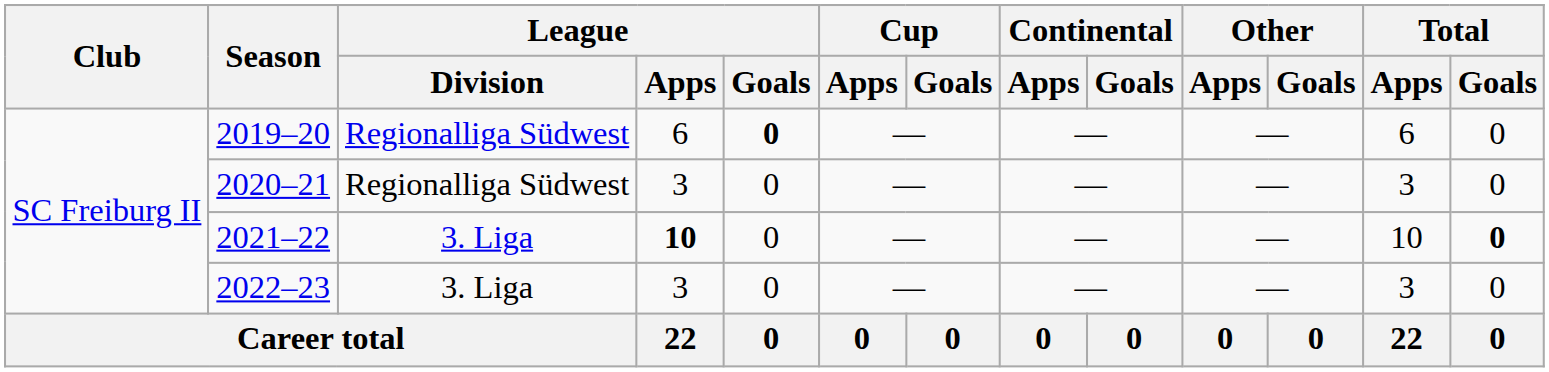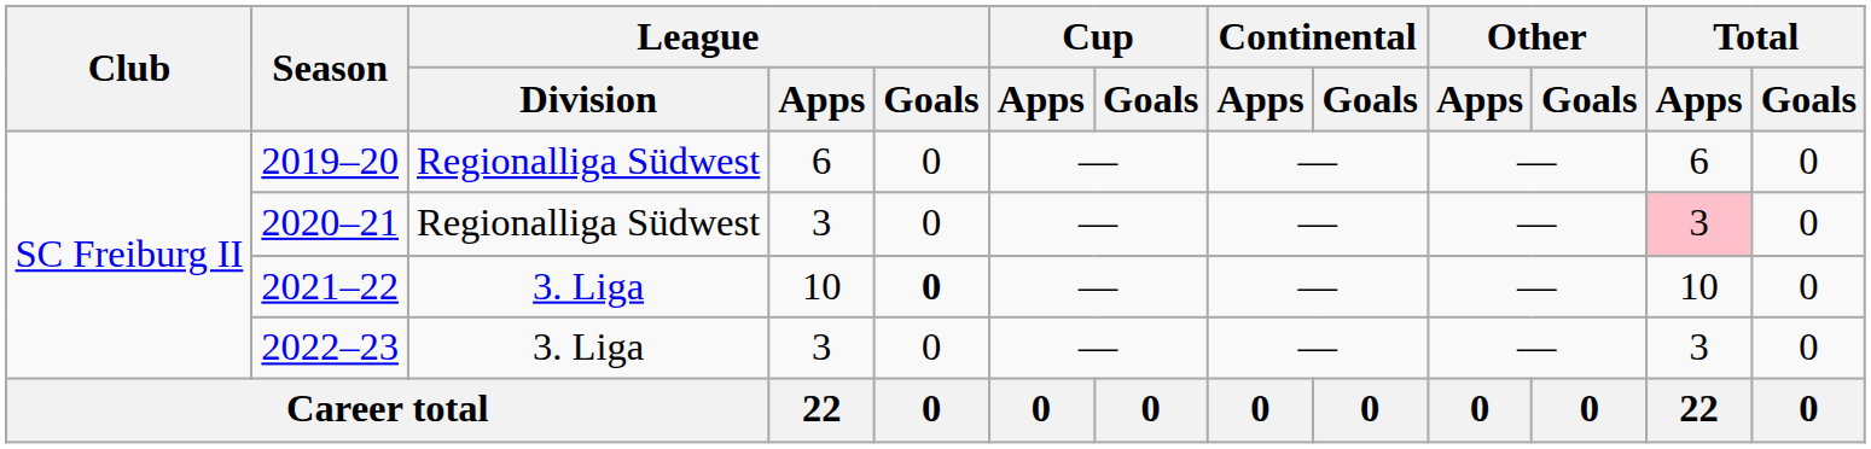 <table class="wikitable" style="text-align:center">
 <tr>
 <th rowspan="2">Club</th>
 <th rowspan="2">Season</th>
 <th colspan="3">League</th>
 <th colspan="2">Cup</th>
 <th colspan="2">Continental</th>
 <th colspan="2">Other</th>
 <th colspan="2">Total</th>
 </tr>
 <tr>
 <th>Division</th>
 <th>Apps</th>
 <th>Goals</th>
 <th>Apps</th>
 <th>Goals</th>
 <th>Apps</th>
 <th>Goals</th>
 <th>Apps</th>
 <th>Goals</th>
 <th>Apps</th>
 <th>Goals</th>
 </tr>
 <tr>
 <td rowspan="4"><a href='#'>SC Freiburg II</a></td>
 <td><a href='#'>2019–20</a></td>
 <td><a href='#'>Regionalliga Südwest</a></td>
 <td>6</td>
-<td><strong>0</strong></td>
+<td>0</td>
 <td colspan="2">—</td>
 <td colspan="2">—</td>
 <td colspan="2">—</td>
 <td>6</td>
 <td>0</td>
 </tr>
 <tr>
 <td><a href='#'>2020–21</a></td>
 <td>Regionalliga Südwest</td>
 <td>3</td>
 <td>0</td>
 <td colspan="2">—</td>
 <td colspan="2">—</td>
 <td colspan="2">—</td>
-<td>3</td>
+<td style="background: pink;">3</td>
 <td>0</td>
 </tr>
 <tr>
 <td><a href='#'>2021–22</a></td>
 <td><a href='#'>3. Liga</a></td>
-<td><strong>10</strong></td>
-<td>0</td>
+<td>10</td>
+<td><strong>0</strong></td>
 <td colspan="2">—</td>
 <td colspan="2">—</td>
 <td colspan="2">—</td>
 <td>10</td>
-<td><strong>0</strong></td>
+<td>0</td>
 </tr>
 <tr>
 <td><a href='#'>2022–23</a></td>
 <td>3. Liga</td>
 <td>3</td>
 <td>0</td>
 <td colspan="2">—</td>
 <td colspan="2">—</td>
 <td colspan="2">—</td>
 <td>3</td>
 <td>0</td>
 </tr>
 <tr>
 <th colspan="3">Career total</th>
 <th>22</th>
 <th>0</th>
 <th>0</th>
 <th>0</th>
 <th>0</th>
 <th>0</th>
 <th>0</th>
 <th>0</th>
 <th>22</th>
 <th>0</th>
 </tr>
 </table>
